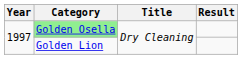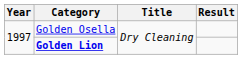 <table class="wikitable">
 <tr>
 <th>Year</th>
 <th>Category</th>
 <th>Title</th>
 <th>Result</th>
 </tr>
 <tr>
 <td rowspan=2>1997</td>
-<td style="background: lightgreen;"><a href='#'>Golden Osella</a></td>
+<td><a href='#'>Golden Osella</a></td>
 <td rowspan=2><em>Dry Cleaning</em></td>
 <td></td>
 </tr>
 <tr>
-<td><a href='#'>Golden Lion</a></td>
+<td><strong><a href='#'>Golden Lion</a></strong></td>
 <td></td>
 </tr>
 </table>
